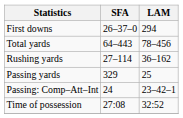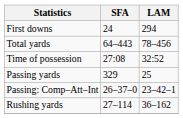 <table class="wikitable" style="float: left;">
 <tr>
 <th>Statistics</th>
 <th>SFA</th>
 <th>LAM</th>
 </tr>
 <tr>
 <td>First downs</td>
-<td>26–37–0</td>
+<td>24</td>
 <td>294</td>
 </tr>
 <tr>
 <td>Total yards</td>
 <td>64–443</td>
 <td>78–456</td>
 </tr>
 <tr>
-<td>Rushing yards</td>
-<td>27–114</td>
-<td>36–162</td>
+<td>Time of possession</td>
+<td>27:08</td>
+<td>32:52</td>
 </tr>
 <tr>
 <td>Passing yards</td>
 <td>329</td>
 <td>25</td>
 </tr>
 <tr>
 <td>Passing: Comp–Att–Int</td>
-<td>24</td>
+<td>26–37–0</td>
 <td>23–42–1</td>
 </tr>
 <tr>
-<td>Time of possession</td>
-<td>27:08</td>
-<td>32:52</td>
+<td>Rushing yards</td>
+<td>27–114</td>
+<td>36–162</td>
 </tr>
 <tr>
 </tr>
 </table>
